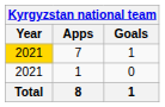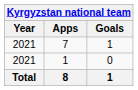 <table class="wikitable" style="text-align:center">
 <tr>
 <th colspan=3><a href='#'>Kyrgyzstan national team</a></th>
 </tr>
 <tr>
 <th>Year</th>
 <th>Apps</th>
 <th>Goals</th>
 </tr>
 <tr>
-<td style="background: gold;">2021</td>
+<td>2021</td>
 <td>7</td>
 <td>1</td>
 </tr>
 <tr>
 <td>2021</td>
 <td>1</td>
 <td>0</td>
 </tr>
 <tr>
 <th>Total</th>
 <th>8</th>
 <th>1</th>
 </tr>
 </table>
